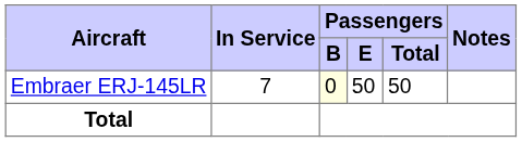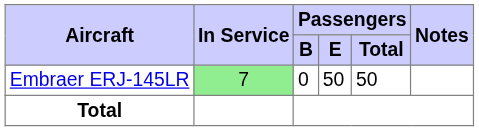 <table class="toccolours" border="1" cellpadding="3" style="border-collapse:collapse;margin: 1em auto;">
 <tr bgcolor=#ccccff>
 <th rowspan="2">Aircraft</th>
 <th rowspan="2">In Service</th>
 <th colspan="3">Passengers</th>
 <th rowspan="2">Notes</th>
 </tr>
 <tr bgcolor=#ccccff>
 <th>B</th>
 <th>E</th>
 <th>Total</th>
 </tr>
 <tr>
 <td><a href='#'>Embraer ERJ-145LR</a></td>
-<td align="center">7</td>
-<td style="background: lightyellow;">0</td>
+<td align="center" style="background: lightgreen;">7</td>
+<td>0</td>
 <td>50</td>
 <td>50</td>
 <td></td>
 </tr>
 <tr>
 <td align="center"><strong>Total</strong></td>
 <td></td>
 <td colspan="6"></td>
 </tr>
 </table>
